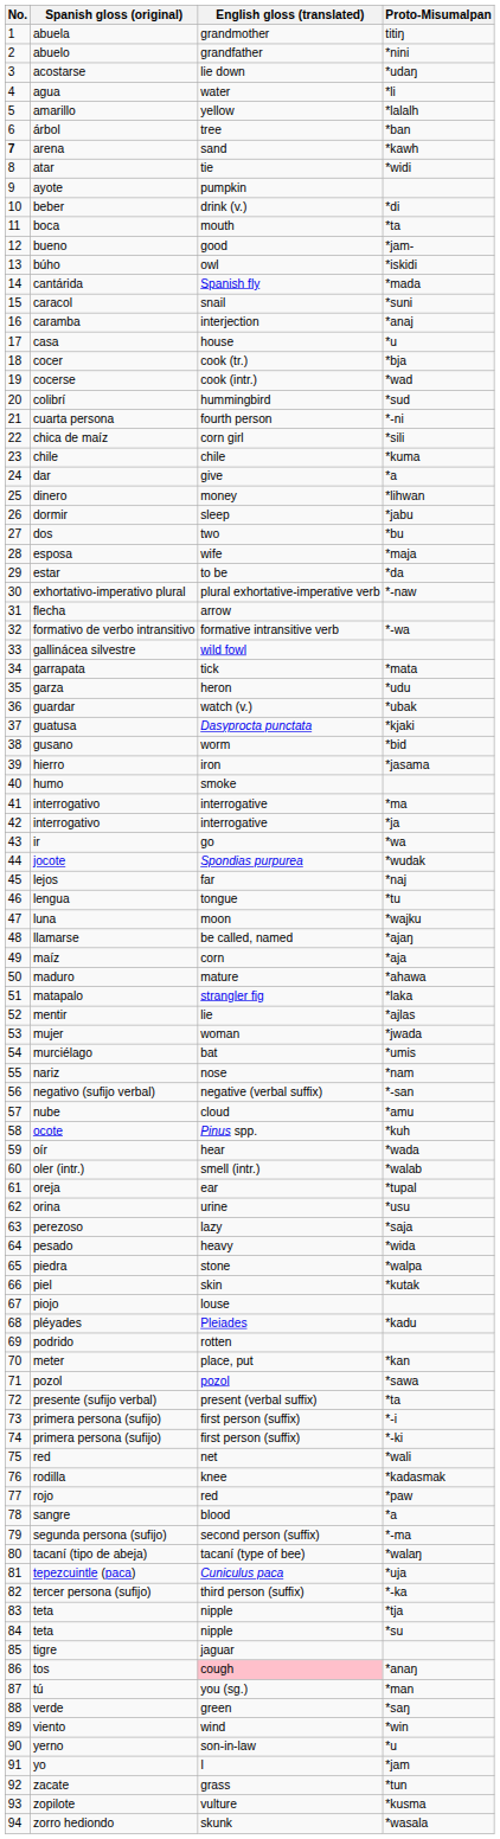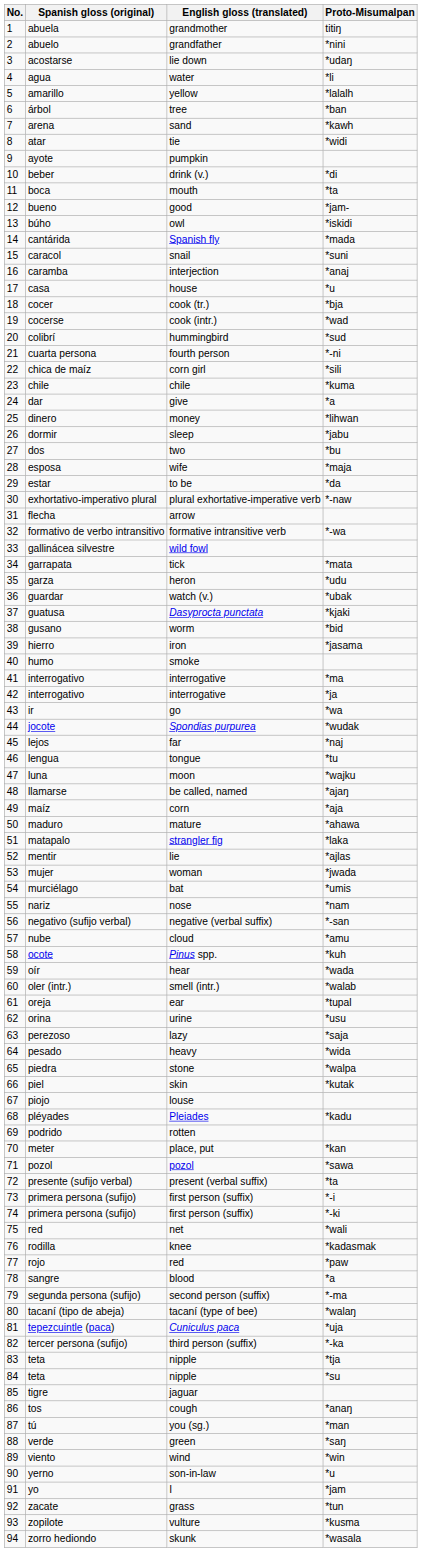 <table class="wikitable sortable">
 <tr>
 <th>No.</th>
 <th>Spanish gloss (original)</th>
 <th>English gloss (translated)</th>
 <th>Proto-Misumalpan</th>
 </tr>
 <tr>
 <td>1</td>
 <td>abuela</td>
 <td>grandmother</td>
 <td>titiŋ</td>
 </tr>
 <tr>
 <td>2</td>
 <td>abuelo</td>
 <td>grandfather</td>
 <td>*nini</td>
 </tr>
 <tr>
 <td>3</td>
 <td>acostarse</td>
 <td>lie down</td>
 <td>*udaŋ</td>
 </tr>
 <tr>
 <td>4</td>
 <td>agua</td>
 <td>water</td>
 <td>*li</td>
 </tr>
 <tr>
 <td>5</td>
 <td>amarillo</td>
 <td>yellow</td>
 <td>*lalalh</td>
 </tr>
 <tr>
 <td>6</td>
 <td>árbol</td>
 <td>tree</td>
 <td>*ban</td>
 </tr>
 <tr>
-<td><strong>7</strong></td>
+<td>7</td>
 <td>arena</td>
 <td>sand</td>
 <td>*kawh</td>
 </tr>
 <tr>
 <td>8</td>
 <td>atar</td>
 <td>tie</td>
 <td>*widi</td>
 </tr>
 <tr>
 <td>9</td>
 <td>ayote</td>
 <td>pumpkin</td>
 <td></td>
 </tr>
 <tr>
 <td>10</td>
 <td>beber</td>
 <td>drink (v.)</td>
 <td>*di</td>
 </tr>
 <tr>
 <td>11</td>
 <td>boca</td>
 <td>mouth</td>
 <td>*ta</td>
 </tr>
 <tr>
 <td>12</td>
 <td>bueno</td>
 <td>good</td>
 <td>*jam-</td>
 </tr>
 <tr>
 <td>13</td>
 <td>búho</td>
 <td>owl</td>
 <td>*iskidi</td>
 </tr>
 <tr>
 <td>14</td>
 <td>cantárida</td>
 <td><a href='#'>Spanish fly</a></td>
 <td>*mada</td>
 </tr>
 <tr>
 <td>15</td>
 <td>caracol</td>
 <td>snail</td>
 <td>*suni</td>
 </tr>
 <tr>
 <td>16</td>
 <td>caramba</td>
 <td>interjection</td>
 <td>*anaj</td>
 </tr>
 <tr>
 <td>17</td>
 <td>casa</td>
 <td>house</td>
 <td>*u</td>
 </tr>
 <tr>
 <td>18</td>
 <td>cocer</td>
 <td>cook (tr.)</td>
 <td>*bja</td>
 </tr>
 <tr>
 <td>19</td>
 <td>cocerse</td>
 <td>cook (intr.)</td>
 <td>*wad</td>
 </tr>
 <tr>
 <td>20</td>
 <td>colibrí</td>
 <td>hummingbird</td>
 <td>*sud</td>
 </tr>
 <tr>
 <td>21</td>
 <td>cuarta persona</td>
 <td>fourth person</td>
 <td>*-ni</td>
 </tr>
 <tr>
 <td>22</td>
 <td>chica de maíz</td>
 <td>corn girl</td>
 <td>*sili</td>
 </tr>
 <tr>
 <td>23</td>
 <td>chile</td>
 <td>chile</td>
 <td>*kuma</td>
 </tr>
 <tr>
 <td>24</td>
 <td>dar</td>
 <td>give</td>
 <td>*a</td>
 </tr>
 <tr>
 <td>25</td>
 <td>dinero</td>
 <td>money</td>
 <td>*lihwan</td>
 </tr>
 <tr>
 <td>26</td>
 <td>dormir</td>
 <td>sleep</td>
 <td>*jabu</td>
 </tr>
 <tr>
 <td>27</td>
 <td>dos</td>
 <td>two</td>
 <td>*bu</td>
 </tr>
 <tr>
 <td>28</td>
 <td>esposa</td>
 <td>wife</td>
 <td>*maja</td>
 </tr>
 <tr>
 <td>29</td>
 <td>estar</td>
 <td>to be</td>
 <td>*da</td>
 </tr>
 <tr>
 <td>30</td>
 <td>exhortativo-imperativo plural</td>
 <td>plural exhortative-imperative verb</td>
 <td>*-naw</td>
 </tr>
 <tr>
 <td>31</td>
 <td>flecha</td>
 <td>arrow</td>
 <td></td>
 </tr>
 <tr>
 <td>32</td>
 <td>formativo de verbo intransitivo</td>
 <td>formative intransitive verb</td>
 <td>*-wa</td>
 </tr>
 <tr>
 <td>33</td>
 <td>gallinácea silvestre</td>
 <td><a href='#'>wild fowl</a></td>
 <td></td>
 </tr>
 <tr>
 <td>34</td>
 <td>garrapata</td>
 <td>tick</td>
 <td>*mata</td>
 </tr>
 <tr>
 <td>35</td>
 <td>garza</td>
 <td>heron</td>
 <td>*udu</td>
 </tr>
 <tr>
 <td>36</td>
 <td>guardar</td>
 <td>watch (v.)</td>
 <td>*ubak</td>
 </tr>
 <tr>
 <td>37</td>
 <td>guatusa</td>
 <td><em><a href='#'>Dasyprocta punctata</a></em></td>
 <td>*kjaki</td>
 </tr>
 <tr>
 <td>38</td>
 <td>gusano</td>
 <td>worm</td>
 <td>*bid</td>
 </tr>
 <tr>
 <td>39</td>
 <td>hierro</td>
 <td>iron</td>
 <td>*jasama</td>
 </tr>
 <tr>
 <td>40</td>
 <td>humo</td>
 <td>smoke</td>
 <td></td>
 </tr>
 <tr>
 <td>41</td>
 <td>interrogativo</td>
 <td>interrogative</td>
 <td>*ma</td>
 </tr>
 <tr>
 <td>42</td>
 <td>interrogativo</td>
 <td>interrogative</td>
 <td>*ja</td>
 </tr>
 <tr>
 <td>43</td>
 <td>ir</td>
 <td>go</td>
 <td>*wa</td>
 </tr>
 <tr>
 <td>44</td>
 <td><a href='#'>jocote</a></td>
 <td><em><a href='#'>Spondias purpurea</a></em></td>
 <td>*wudak</td>
 </tr>
 <tr>
 <td>45</td>
 <td>lejos</td>
 <td>far</td>
 <td>*naj</td>
 </tr>
 <tr>
 <td>46</td>
 <td>lengua</td>
 <td>tongue</td>
 <td>*tu</td>
 </tr>
 <tr>
 <td>47</td>
 <td>luna</td>
 <td>moon</td>
 <td>*wajku</td>
 </tr>
 <tr>
 <td>48</td>
 <td>llamarse</td>
 <td>be called, named</td>
 <td>*ajaŋ</td>
 </tr>
 <tr>
 <td>49</td>
 <td>maíz</td>
 <td>corn</td>
 <td>*aja</td>
 </tr>
 <tr>
 <td>50</td>
 <td>maduro</td>
 <td>mature</td>
 <td>*ahawa</td>
 </tr>
 <tr>
 <td>51</td>
 <td>matapalo</td>
 <td><a href='#'>strangler fig</a></td>
 <td>*laka</td>
 </tr>
 <tr>
 <td>52</td>
 <td>mentir</td>
 <td>lie</td>
 <td>*ajlas</td>
 </tr>
 <tr>
 <td>53</td>
 <td>mujer</td>
 <td>woman</td>
 <td>*jwada</td>
 </tr>
 <tr>
 <td>54</td>
 <td>murciélago</td>
 <td>bat</td>
 <td>*umis</td>
 </tr>
 <tr>
 <td>55</td>
 <td>nariz</td>
 <td>nose</td>
 <td>*nam</td>
 </tr>
 <tr>
 <td>56</td>
 <td>negativo (sufijo verbal)</td>
 <td>negative (verbal suffix)</td>
 <td>*-san</td>
 </tr>
 <tr>
 <td>57</td>
 <td>nube</td>
 <td>cloud</td>
 <td>*amu</td>
 </tr>
 <tr>
 <td>58</td>
 <td><a href='#'>ocote</a></td>
 <td><em><a href='#'>Pinus</a></em> spp.</td>
 <td>*kuh</td>
 </tr>
 <tr>
 <td>59</td>
 <td>oír</td>
 <td>hear</td>
 <td>*wada</td>
 </tr>
 <tr>
 <td>60</td>
 <td>oler (intr.)</td>
 <td>smell (intr.)</td>
 <td>*walab</td>
 </tr>
 <tr>
 <td>61</td>
 <td>oreja</td>
 <td>ear</td>
 <td>*tupal</td>
 </tr>
 <tr>
 <td>62</td>
 <td>orina</td>
 <td>urine</td>
 <td>*usu</td>
 </tr>
 <tr>
 <td>63</td>
 <td>perezoso</td>
 <td>lazy</td>
 <td>*saja</td>
 </tr>
 <tr>
 <td>64</td>
 <td>pesado</td>
 <td>heavy</td>
 <td>*wida</td>
 </tr>
 <tr>
 <td>65</td>
 <td>piedra</td>
 <td>stone</td>
 <td>*walpa</td>
 </tr>
 <tr>
 <td>66</td>
 <td>piel</td>
 <td>skin</td>
 <td>*kutak</td>
 </tr>
 <tr>
 <td>67</td>
 <td>piojo</td>
 <td>louse</td>
 <td></td>
 </tr>
 <tr>
 <td>68</td>
 <td>pléyades</td>
 <td><a href='#'>Pleiades</a></td>
 <td>*kadu</td>
 </tr>
 <tr>
 <td>69</td>
 <td>podrido</td>
 <td>rotten</td>
 <td></td>
 </tr>
 <tr>
 <td>70</td>
 <td>meter</td>
 <td>place, put</td>
 <td>*kan</td>
 </tr>
 <tr>
 <td>71</td>
 <td>pozol</td>
 <td><a href='#'>pozol</a></td>
 <td>*sawa</td>
 </tr>
 <tr>
 <td>72</td>
 <td>presente (sufijo verbal)</td>
 <td>present (verbal suffix)</td>
 <td>*ta</td>
 </tr>
 <tr>
 <td>73</td>
 <td>primera persona (sufijo)</td>
 <td>first person (suffix)</td>
 <td>*-i</td>
 </tr>
 <tr>
 <td>74</td>
 <td>primera persona (sufijo)</td>
 <td>first person (suffix)</td>
 <td>*-ki</td>
 </tr>
 <tr>
 <td>75</td>
 <td>red</td>
 <td>net</td>
 <td>*wali</td>
 </tr>
 <tr>
 <td>76</td>
 <td>rodilla</td>
 <td>knee</td>
 <td>*kadasmak</td>
 </tr>
 <tr>
 <td>77</td>
 <td>rojo</td>
 <td>red</td>
 <td>*paw</td>
 </tr>
 <tr>
 <td>78</td>
 <td>sangre</td>
 <td>blood</td>
 <td>*a</td>
 </tr>
 <tr>
 <td>79</td>
 <td>segunda persona (sufijo)</td>
 <td>second person (suffix)</td>
 <td>*-ma</td>
 </tr>
 <tr>
 <td>80</td>
 <td>tacaní (tipo de abeja)</td>
 <td>tacaní (type of bee)</td>
 <td>*walaŋ</td>
 </tr>
 <tr>
 <td>81</td>
 <td><a href='#'>tepezcuintle</a> (<a href='#'>paca</a>)</td>
 <td><em><a href='#'>Cuniculus paca</a></em></td>
 <td>*uja</td>
 </tr>
 <tr>
 <td>82</td>
 <td>tercer persona (sufijo)</td>
 <td>third person (suffix)</td>
 <td>*-ka</td>
 </tr>
 <tr>
 <td>83</td>
 <td>teta</td>
 <td>nipple</td>
 <td>*tja</td>
 </tr>
 <tr>
 <td>84</td>
 <td>teta</td>
 <td>nipple</td>
 <td>*su</td>
 </tr>
 <tr>
 <td>85</td>
 <td>tigre</td>
 <td>jaguar</td>
 <td></td>
 </tr>
 <tr>
 <td>86</td>
 <td>tos</td>
-<td style="background: pink;">cough</td>
+<td>cough</td>
 <td>*anaŋ</td>
 </tr>
 <tr>
 <td>87</td>
 <td>tú</td>
 <td>you (sg.)</td>
 <td>*man</td>
 </tr>
 <tr>
 <td>88</td>
 <td>verde</td>
 <td>green</td>
 <td>*saŋ</td>
 </tr>
 <tr>
 <td>89</td>
 <td>viento</td>
 <td>wind</td>
 <td>*win</td>
 </tr>
 <tr>
 <td>90</td>
 <td>yerno</td>
 <td>son-in-law</td>
 <td>*u</td>
 </tr>
 <tr>
 <td>91</td>
 <td>yo</td>
 <td>I</td>
 <td>*jam</td>
 </tr>
 <tr>
 <td>92</td>
 <td>zacate</td>
 <td>grass</td>
 <td>*tun</td>
 </tr>
 <tr>
 <td>93</td>
 <td>zopilote</td>
 <td>vulture</td>
 <td>*kusma</td>
 </tr>
 <tr>
 <td>94</td>
 <td>zorro hediondo</td>
 <td>skunk</td>
 <td>*wasala</td>
 </tr>
 </table>
